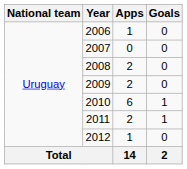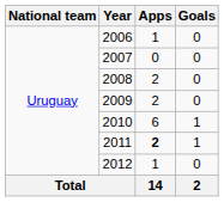 <table class=wikitable style=text-align:center>
 <tr>
 <th>National team</th>
 <th>Year</th>
 <th>Apps</th>
 <th>Goals</th>
 </tr>
 <tr>
 <td rowspan="7"><a href='#'>Uruguay</a></td>
 <td>2006</td>
 <td>1</td>
 <td>0</td>
 </tr>
 <tr>
 <td>2007</td>
 <td>0</td>
 <td>0</td>
 </tr>
 <tr>
 <td>2008</td>
 <td>2</td>
 <td>0</td>
 </tr>
 <tr>
 <td>2009</td>
 <td>2</td>
 <td>0</td>
 </tr>
 <tr>
 <td>2010</td>
 <td>6</td>
 <td>1</td>
 </tr>
 <tr>
 <td>2011</td>
-<td>2</td>
+<td><strong>2</strong></td>
 <td>1</td>
 </tr>
 <tr>
 <td>2012</td>
 <td>1</td>
 <td>0</td>
 </tr>
 <tr>
 <th colspan="2">Total</th>
 <th>14</th>
 <th>2</th>
 </tr>
 </table>
